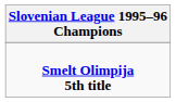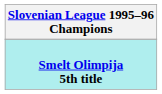 <table class="wikitable" style="text-align: center; margin: 0 auto;">
 <tr>
 <th><a href='#'>Slovenian League</a> 1995–96<br>Champions</th>
 </tr>
 <tr>
 </tr>
 <tr>
-<td><br><strong><a href='#'>Smelt Olimpija</a></strong><br><strong>5th title</strong></td>
+<td style="background: paleturquoise;"><br><strong><a href='#'>Smelt Olimpija</a></strong><br><strong>5th title</strong></td>
 </tr>
 </table>
